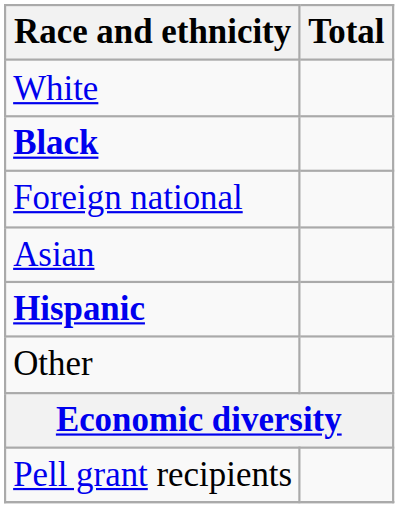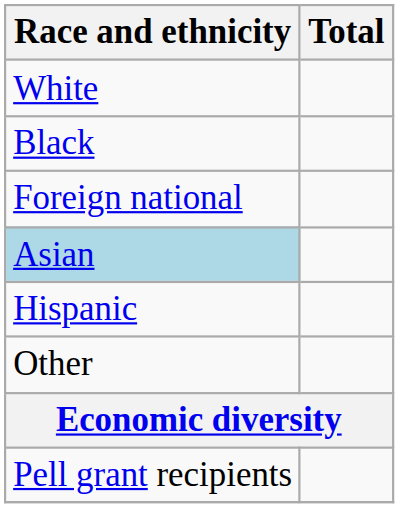 <table class="wikitable floatright sortable collapsible"; text-align:right; font-size:80%;">
 <tr>
 <th>Race and ethnicity</th>
 <th colspan="2" data-sort-type=number>Total</th>
 </tr>
 <tr>
 <td><a href='#'>White</a></td>
 <td align=right></td>
 </tr>
 <tr>
-<td><strong><a href='#'>Black</a></strong></td>
+<td><a href='#'>Black</a></td>
 <td align=right></td>
 </tr>
 <tr>
 <td><a href='#'>Foreign national</a></td>
 <td align=right></td>
 </tr>
 <tr>
-<td><a href='#'>Asian</a></td>
+<td style="background: lightblue;"><a href='#'>Asian</a></td>
 <td align=right></td>
 </tr>
 <tr>
-<td><strong><a href='#'>Hispanic</a></strong></td>
+<td><a href='#'>Hispanic</a></td>
 <td align=right></td>
 </tr>
 <tr>
 <td>Other</td>
 <td align=right></td>
 </tr>
 <tr>
 <th colspan="4" data-sort-type=number><a href='#'>Economic diversity</a></th>
 </tr>
 <tr>
 <td><a href='#'>Pell grant</a> recipients</td>
 <td align=right></td>
 </tr>
 <tr>
 </tr>
 </table>
